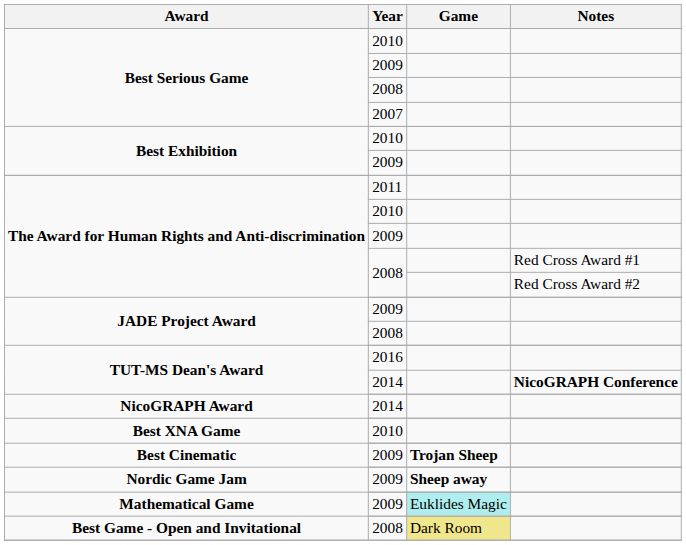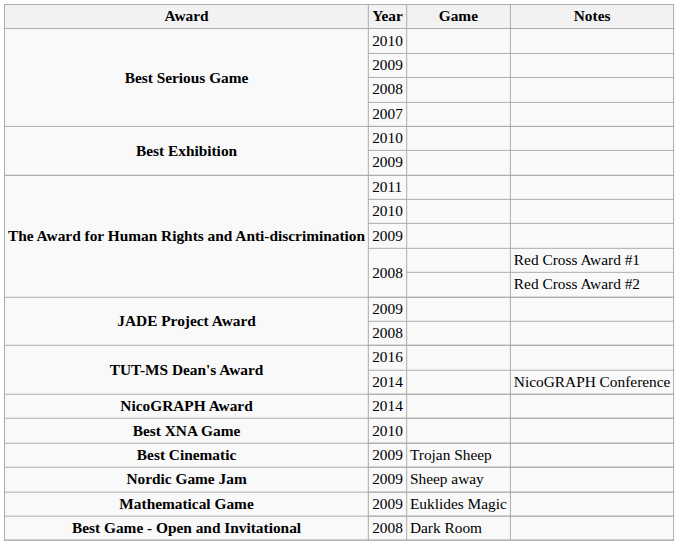 <table class="wikitable">
 <tr>
 <th>Award</th>
 <th>Year</th>
 <th>Game</th>
 <th>Notes</th>
 </tr>
 <tr>
 <td rowspan="5" style="text-align:center"><strong>Best Serious Game</strong></td>
 </tr>
 <tr>
 <td style="text-align:center">2010</td>
 <td></td>
 <td></td>
 </tr>
 <tr>
 <td style="text-align:center">2009</td>
 <td></td>
 <td></td>
 </tr>
 <tr>
 <td style="text-align:center">2008</td>
 <td></td>
 <td></td>
 </tr>
 <tr>
 <td style="text-align:center">2007</td>
 <td></td>
 <td></td>
 </tr>
 <tr>
 <td rowspan="3" style="text-align:center"><strong>Best Exhibition</strong></td>
 </tr>
 <tr>
 <td style="text-align:center">2010</td>
 <td></td>
 <td></td>
 </tr>
 <tr>
 <td style="text-align:center">2009</td>
 <td></td>
 <td></td>
 </tr>
 <tr>
 </tr>
 <tr>
 <td rowspan="6" style="text-align:center"><strong>The Award for Human Rights and Anti-discrimination</strong></td>
 </tr>
 <tr>
 <td>2011</td>
 <td></td>
 <td></td>
 </tr>
 <tr>
 <td style="text-align:center">2010</td>
 <td></td>
 <td></td>
 </tr>
 <tr>
 <td style="text-align:center">2009</td>
 <td></td>
 <td></td>
 </tr>
 <tr>
 <td rowspan="2" style="text-align:center">2008</td>
 <td></td>
 <td>Red Cross Award #1</td>
 </tr>
 <tr>
 <td></td>
 <td>Red Cross Award #2</td>
 </tr>
 <tr>
 <td rowspan="3" style="text-align:center"><strong>JADE Project Award</strong></td>
 </tr>
 <tr>
 <td style="text-align:center">2009</td>
 <td></td>
 <td></td>
 </tr>
 <tr>
 <td style="text-align:center">2008</td>
 <td></td>
 <td></td>
 </tr>
 <tr>
 <td rowspan="3" style="text-align:center"><strong>TUT-MS Dean's Award</strong></td>
 </tr>
 <tr>
 <td style="text-align:center">2016</td>
 <td></td>
 <td></td>
 </tr>
 <tr>
 <td style="text-align:center">2014</td>
 <td></td>
-<td><strong>NicoGRAPH Conference</strong></td>
+<td>NicoGRAPH Conference</td>
 </tr>
 <tr>
 <td rowspan="2" style="text-align:center"><strong>NicoGRAPH Award</strong></td>
 </tr>
 <tr>
 <td style="text-align:center">2014</td>
 <td></td>
 <td></td>
 </tr>
 <tr>
 <td rowspan="2" style="text-align:center"><strong>Best XNA Game</strong></td>
 </tr>
 <tr>
 <td style="text-align:center">2010</td>
 <td></td>
 <td></td>
 </tr>
 <tr>
 <td rowspan="2" style="text-align:center"><strong>Best Cinematic</strong></td>
 </tr>
 <tr>
 <td style="text-align:center">2009</td>
-<td><strong>Trojan Sheep</strong></td>
+<td>Trojan Sheep</td>
 <td></td>
 </tr>
 <tr>
 <td rowspan="2" style="text-align:center"><strong>Nordic Game Jam</strong></td>
 </tr>
 <tr>
 <td style="text-align:center">2009</td>
-<td><strong>Sheep away</strong></td>
+<td>Sheep away</td>
 <td></td>
 </tr>
 <tr>
 <td rowspan="2" style="text-align:center"><strong>Mathematical Game</strong></td>
 </tr>
 <tr>
 <td style="text-align:center">2009</td>
-<td style="background: paleturquoise;">Euklides Magic</td>
+<td>Euklides Magic</td>
 <td></td>
 </tr>
 <tr>
 <td rowspan="2" style="text-align:center"><strong>Best Game - Open and Invitational</strong></td>
 </tr>
 <tr>
 <td style="text-align:center">2008</td>
-<td style="background: khaki;">Dark Room</td>
+<td>Dark Room</td>
 <td></td>
 </tr>
 <tr>
 </tr>
 </table>
